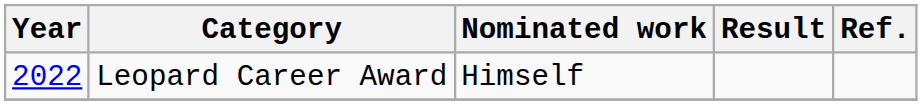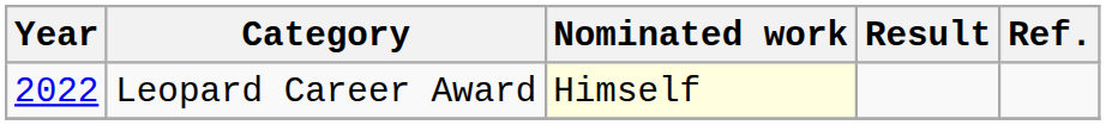 <table class="wikitable sortable">
 <tr>
 <th>Year</th>
 <th>Category</th>
 <th>Nominated work</th>
 <th>Result</th>
 <th>Ref.</th>
 </tr>
 <tr>
 <td><a href='#'>2022</a></td>
 <td>Leopard Career Award</td>
-<td>Himself</td>
+<td style="background: lightyellow;">Himself</td>
 <td></td>
 <td></td>
 </tr>
 <tr>
 </tr>
 </table>
